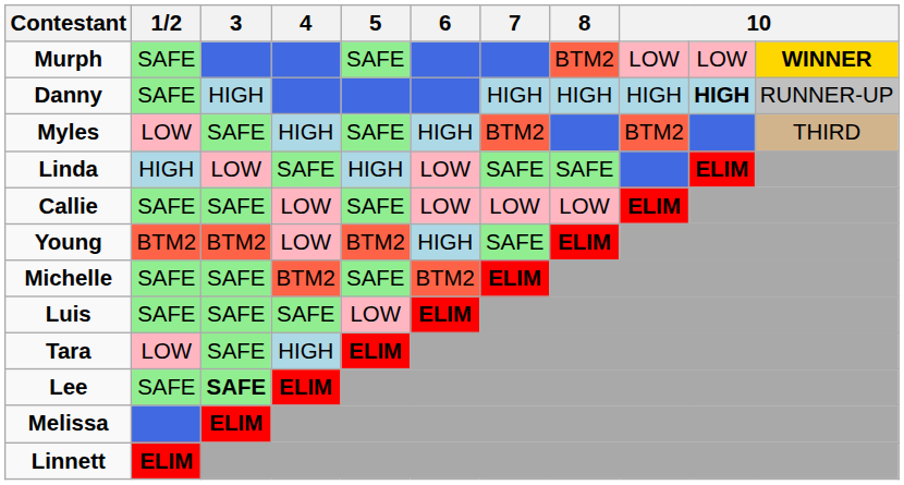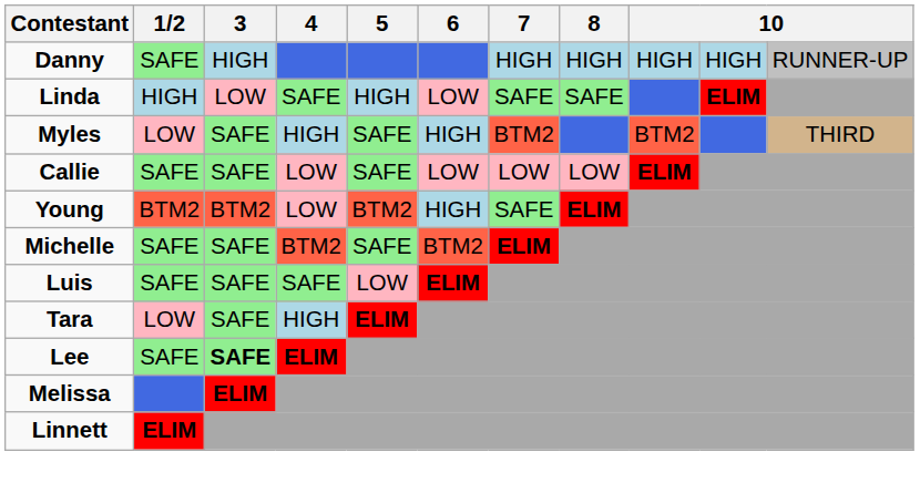 <table class="wikitable" border="2" style="text-align:center;font-size:96%">
 <tr>
 <th>Contestant</th>
 <th>1/2</th>
 <th>3</th>
 <th>4</th>
 <th>5</th>
 <th>6</th>
 <th>7</th>
 <th>8</th>
 <th colspan=3>10</th>
 </tr>
 <tr>
-<td><strong>Murph</strong></td>
-<td bgcolor="lightgreen">SAFE</td>
-<td style="background:royalblue;"></td>
-<td style="background:royalblue;"></td>
-<td bgcolor="lightgreen">SAFE</td>
-<td style="background:royalblue;"></td>
-<td style="background:royalblue;"></td>
-<td style="background:tomato;">BTM2</td>
-<td style="background:lightpink;">LOW</td>
-<td style="background:lightpink;">LOW</td>
-<td bgcolor=gold><strong>WINNER</strong></td>
-</tr>
-<tr>
 <td><strong>Danny</strong></td>
 <td bgcolor="lightgreen">SAFE</td>
 <td style="background:lightblue;">HIGH</td>
 <td style="background:royalblue;"></td>
 <td style="background:royalblue;"></td>
 <td style="background:royalblue;"></td>
 <td style="background:lightblue;">HIGH</td>
 <td style="background:lightblue;">HIGH</td>
 <td style="background:lightblue;">HIGH</td>
-<td style="background:lightblue;"><strong>HIGH</strong></td>
+<td style="background:lightblue;">HIGH</td>
 <td bgcolor=silver>RUNNER-UP</td>
+</tr>
+<tr>
+<td><strong>Linda</strong></td>
+<td style="background:lightblue;">HIGH</td>
+<td style="background:lightpink;">LOW</td>
+<td bgcolor="lightgreen">SAFE</td>
+<td style="background:lightblue;">HIGH</td>
+<td style="background:lightpink;">LOW</td>
+<td bgcolor="lightgreen">SAFE</td>
+<td bgcolor="lightgreen">SAFE</td>
+<td style="background:royalblue;"></td>
+<td style="background:red;"><strong>ELIM</strong></td>
+<td colspan="1" bgcolor="darkgray"></td>
 </tr>
 <tr>
 <td><strong>Myles</strong></td>
 <td style="background:lightpink;">LOW</td>
 <td bgcolor="lightgreen">SAFE</td>
 <td style="background:lightblue;">HIGH</td>
 <td bgcolor="lightgreen">SAFE</td>
 <td style="background:lightblue;">HIGH</td>
 <td style="background:tomato;">BTM2</td>
 <td style="background:royalblue;"></td>
 <td style="background:tomato;">BTM2</td>
 <td style="background:royalblue;"></td>
 <td bgcolor=tan>THIRD</td>
-</tr>
-<tr>
-<td><strong>Linda</strong></td>
-<td style="background:lightblue;">HIGH</td>
-<td style="background:lightpink;">LOW</td>
-<td bgcolor="lightgreen">SAFE</td>
-<td style="background:lightblue;">HIGH</td>
-<td style="background:lightpink;">LOW</td>
-<td bgcolor="lightgreen">SAFE</td>
-<td bgcolor="lightgreen">SAFE</td>
-<td style="background:royalblue;"></td>
-<td style="background:red;"><strong>ELIM</strong></td>
-<td colspan="1" bgcolor="darkgray"></td>
 </tr>
 <tr>
 <td><strong>Callie</strong></td>
 <td bgcolor="lightgreen">SAFE</td>
 <td bgcolor="lightgreen">SAFE</td>
 <td style= "background:lightpink;">LOW</td>
 <td bgcolor="lightgreen">SAFE</td>
 <td style= "background:lightpink;">LOW</td>
 <td style= "background:lightpink;">LOW</td>
 <td style= "background:lightpink;">LOW</td>
 <td style="background:red;"><strong>ELIM</strong></td>
 <td colspan="2" bgcolor="darkgray"></td>
 </tr>
 <tr>
 <td><strong>Young</strong></td>
 <td style="background:tomato;">BTM2</td>
 <td style="background:tomato;">BTM2</td>
 <td style="background:lightpink;">LOW</td>
 <td style="background:tomato;">BTM2</td>
 <td style="background:lightblue;">HIGH</td>
 <td bgcolor="lightgreen">SAFE</td>
 <td style="background:red;"><strong>ELIM</strong></td>
 <td colspan="3" bgcolor="darkgray"></td>
 </tr>
 <tr>
 <td><strong>Michelle</strong></td>
 <td bgcolor="lightgreen">SAFE</td>
 <td bgcolor="lightgreen">SAFE</td>
 <td style="background:tomato;">BTM2</td>
 <td bgcolor="lightgreen">SAFE</td>
 <td style="background:tomato;">BTM2</td>
 <td style="background:red;"><strong>ELIM</strong></td>
 <td colspan="4" bgcolor="darkgray"></td>
 </tr>
 <tr>
 <td><strong>Luis</strong></td>
 <td bgcolor="lightgreen">SAFE</td>
 <td bgcolor="lightgreen">SAFE</td>
 <td bgcolor="lightgreen">SAFE</td>
 <td style= "background:lightpink;">LOW</td>
 <td style="background:red;"><strong>ELIM</strong></td>
 <td colspan="5" bgcolor="darkgray"></td>
 </tr>
 <tr>
 <td><strong>Tara</strong></td>
 <td style="background:lightpink;">LOW</td>
 <td bgcolor="lightgreen">SAFE</td>
 <td style="background:lightblue;">HIGH</td>
 <td style="background:red;"><strong>ELIM</strong></td>
 <td colspan="6" bgcolor="darkgray"></td>
 </tr>
 <tr>
 <td><strong>Lee</strong></td>
 <td bgcolor="lightgreen">SAFE</td>
 <td bgcolor="lightgreen"><strong>SAFE</strong></td>
 <td style="background:red;"><strong>ELIM</strong></td>
 <td colspan="7" bgcolor="darkgray"></td>
 </tr>
 <tr>
 <td><strong>Melissa</strong></td>
 <td style="background:royalblue;"></td>
 <td style="background:red;"><strong>ELIM</strong></td>
 <td colspan="8" bgcolor="darkgray"></td>
 </tr>
 <tr>
 <td><strong>Linnett</strong></td>
 <td style="background:red;"><strong>ELIM</strong></td>
 <td colspan="9" bgcolor="darkgray"></td>
 </tr>
 </table>
